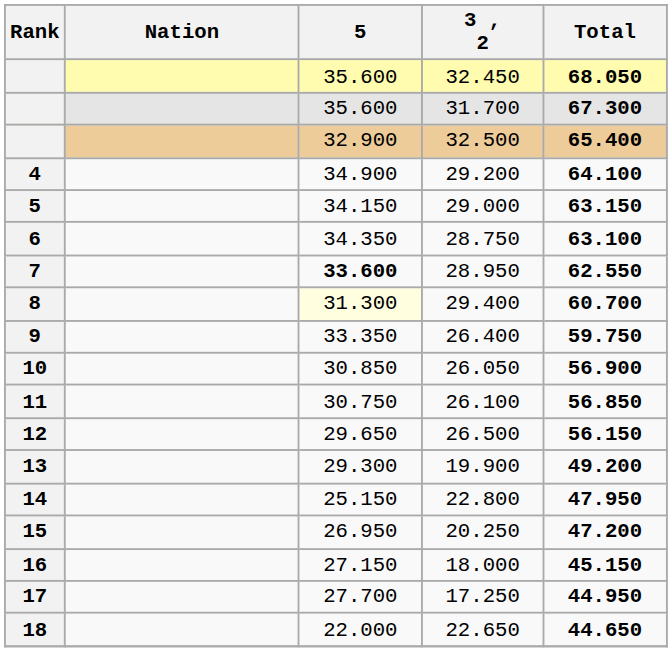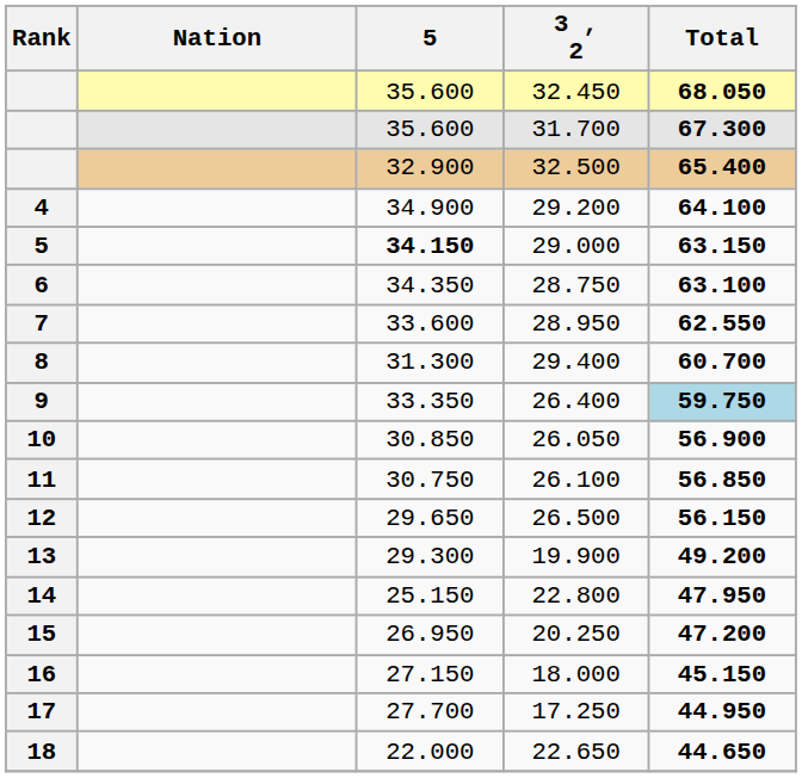 <table class="wikitable sortable" style="text-align:center; font-size:85%">
 <tr>
 <th scope="col" style="width:20px;">Rank</th>
 <th scope="col" style="width:120px;">Nation</th>
 <th scope="col" style="width:60px;">5 </th>
 <th scope="col" style="width:60px;">3 ,<br>2 </th>
 <th scope="col" style="width:60px;">Total</th>
 </tr>
 <tr bgcolor="fffcaf">
 <th scope="row"></th>
 <td align="left"></td>
 <td>35.600</td>
 <td>32.450</td>
 <td><strong>68.050</strong></td>
 </tr>
 <tr bgcolor="e5e5e5">
 <th scope="row"></th>
 <td align="left"></td>
 <td>35.600</td>
 <td>31.700</td>
 <td><strong>67.300</strong></td>
 </tr>
 <tr bgcolor="eecc99">
 <th scope="row"></th>
 <td align="left"></td>
 <td>32.900</td>
 <td>32.500</td>
 <td><strong>65.400</strong></td>
 </tr>
 <tr>
 <th scope="row">4</th>
 <td align="left"></td>
 <td>34.900</td>
 <td>29.200</td>
 <td><strong>64.100</strong></td>
 </tr>
 <tr>
 <th scope="row">5</th>
 <td align="left"></td>
-<td>34.150</td>
+<td><strong>34.150</strong></td>
 <td>29.000</td>
 <td><strong>63.150</strong></td>
 </tr>
 <tr>
 <th scope="row">6</th>
 <td align="left"></td>
 <td>34.350</td>
 <td>28.750</td>
 <td><strong>63.100</strong></td>
 </tr>
 <tr>
 <th scope="row">7</th>
 <td align="left"></td>
-<td><strong>33.600</strong></td>
+<td>33.600</td>
 <td>28.950</td>
 <td><strong>62.550</strong></td>
 </tr>
 <tr>
 <th scope="row">8</th>
 <td align="left"></td>
-<td style="background: lightyellow;">31.300</td>
+<td>31.300</td>
 <td>29.400</td>
 <td><strong>60.700</strong></td>
 </tr>
 <tr>
 <th scope="row">9</th>
 <td align="left"></td>
 <td>33.350</td>
 <td>26.400</td>
-<td><strong>59.750</strong></td>
+<td style="background: lightblue;"><strong>59.750</strong></td>
 </tr>
 <tr>
 <th scope="row">10</th>
 <td align="left"></td>
 <td>30.850</td>
 <td>26.050</td>
 <td><strong>56.900</strong></td>
 </tr>
 <tr>
 <th scope="row">11</th>
 <td align="left"></td>
 <td>30.750</td>
 <td>26.100</td>
 <td><strong>56.850</strong></td>
 </tr>
 <tr>
 <th scope="row">12</th>
 <td align="left"></td>
 <td>29.650</td>
 <td>26.500</td>
 <td><strong>56.150</strong></td>
 </tr>
 <tr>
 <th scope="row">13</th>
 <td align="left"></td>
 <td>29.300</td>
 <td>19.900</td>
 <td><strong>49.200</strong></td>
 </tr>
 <tr>
 <th scope="row">14</th>
 <td align="left"></td>
 <td>25.150</td>
 <td>22.800</td>
 <td><strong>47.950</strong></td>
 </tr>
 <tr>
 <th scope="row">15</th>
 <td align="left"></td>
 <td>26.950</td>
 <td>20.250</td>
 <td><strong>47.200</strong></td>
 </tr>
 <tr>
 <th scope="row">16</th>
 <td align="left"></td>
 <td>27.150</td>
 <td>18.000</td>
 <td><strong>45.150</strong></td>
 </tr>
 <tr>
 <th scope="row">17</th>
 <td align="left"></td>
 <td>27.700</td>
 <td>17.250</td>
 <td><strong>44.950</strong></td>
 </tr>
 <tr>
 <th scope="row">18</th>
 <td align="left"></td>
 <td>22.000</td>
 <td>22.650</td>
 <td><strong>44.650</strong></td>
 </tr>
 <tr>
 </tr>
 </table>
